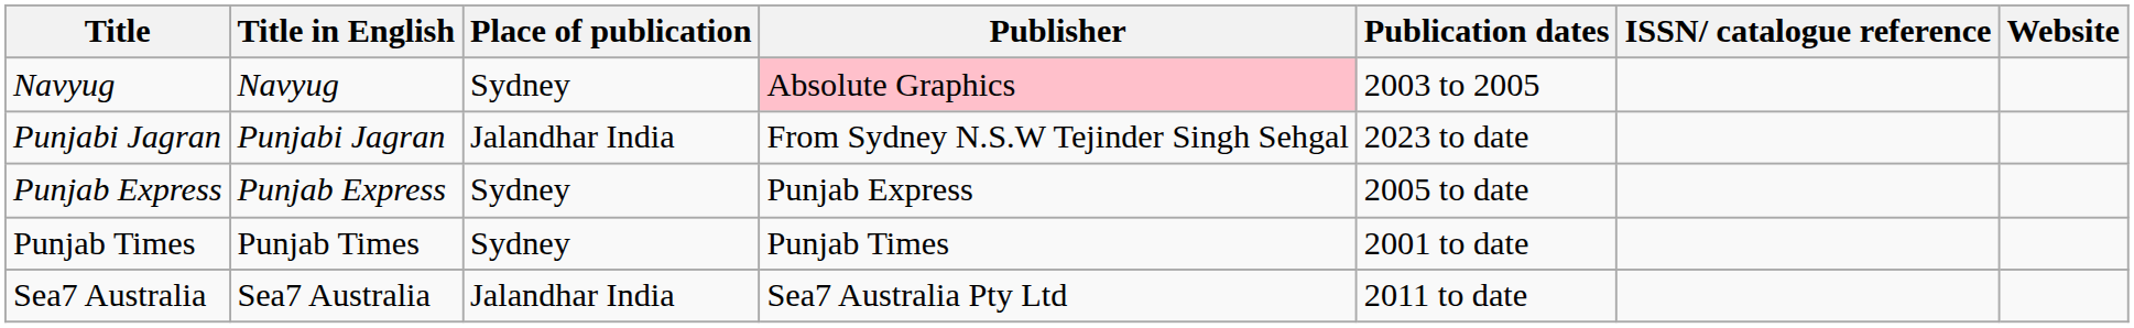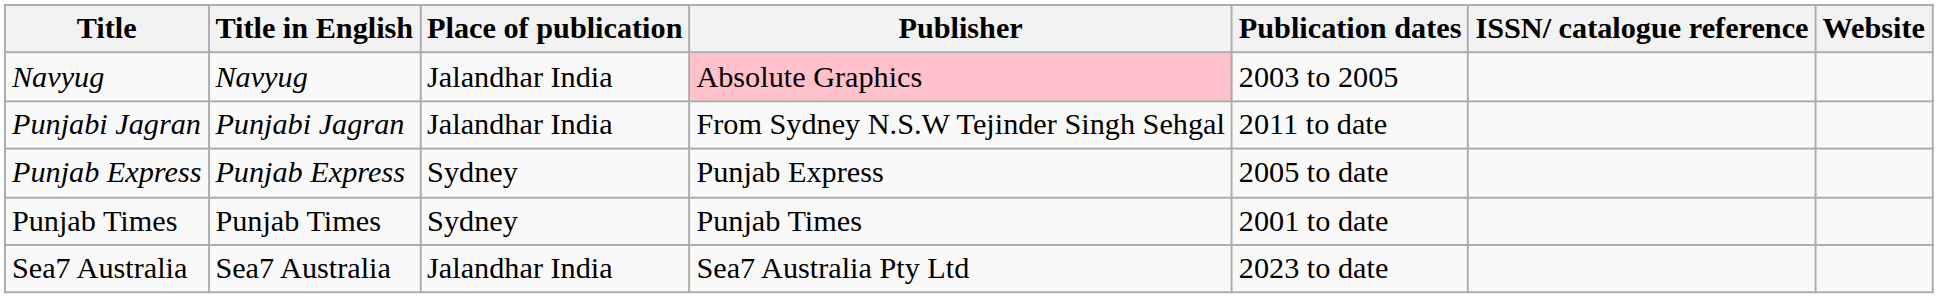 <table class="wikitable sortable">
 <tr>
 <th>Title</th>
 <th>Title in English</th>
 <th>Place of publication</th>
 <th>Publisher</th>
 <th>Publication dates</th>
 <th>ISSN/ catalogue reference</th>
 <th>Website</th>
 </tr>
 <tr>
 <td><em>Navyug</em></td>
 <td><em>Navyug</em></td>
-<td>Sydney</td>
+<td>Jalandhar India</td>
 <td style="background: pink;">Absolute Graphics</td>
 <td>2003 to 2005</td>
 <td></td>
 <td></td>
 </tr>
 <tr>
 <td><em>Punjabi Jagran</em></td>
 <td><em>Punjabi Jagran</em></td>
 <td>Jalandhar India</td>
 <td>From Sydney N.S.W Tejinder Singh Sehgal</td>
-<td>2023 to date</td>
+<td>2011 to date</td>
 <td></td>
 <td></td>
 </tr>
 <tr>
 <td><em>Punjab Express</em></td>
 <td><em>Punjab Express</em></td>
 <td>Sydney</td>
 <td>Punjab Express</td>
 <td>2005 to date</td>
 <td></td>
 <td></td>
 </tr>
 <tr>
 <td>Punjab Times</td>
 <td>Punjab Times</td>
 <td>Sydney</td>
 <td>Punjab Times</td>
 <td>2001 to date</td>
 <td></td>
 <td></td>
 </tr>
 <tr>
 <td>Sea7 Australia</td>
 <td>Sea7 Australia</td>
 <td>Jalandhar India</td>
 <td>Sea7 Australia Pty Ltd</td>
-<td>2011 to date</td>
+<td>2023 to date</td>
 <td></td>
 <td></td>
 </tr>
 </table>
